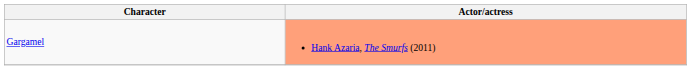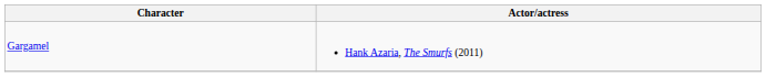 <table style="width:90%;" class="wikitable">
 <tr>
 <th style="width:35%;">Character</th>
 <th style="width:50%;">Actor/actress</th>
 </tr>
 <tr>
 <td><a href='#'>Gargamel</a></td>
-<td style="background: lightsalmon;"><br><ul><li><a href='#'>Hank Azaria</a>, <em><a href='#'>The Smurfs</a></em>  (2011)</li></ul></td>
+<td><br><ul><li><a href='#'>Hank Azaria</a>, <em><a href='#'>The Smurfs</a></em>  (2011)</li></ul></td>
 </tr>
 <tr |}>
 </tr>
 </table>
